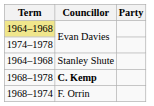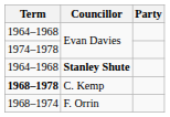 <table class="wikitable">
 <tr>
 <th>Term</th>
 <th>Councillor</th>
 <th colspan=2>Party</th>
 </tr>
 <tr>
-<td style="background: khaki;">1964–1968</td>
+<td>1964–1968</td>
 <td rowspan=2>Evan Davies</td>
 <td></td>
 </tr>
 <tr>
 <td>1974–1978</td>
 <td></td>
 </tr>
 <tr>
 <td>1964–1968</td>
-<td>Stanley Shute</td>
+<td><strong>Stanley Shute</strong></td>
 <td></td>
 </tr>
 <tr>
-<td>1968–1978</td>
-<td><strong>C. Kemp</strong></td>
+<td><strong>1968–1978</strong></td>
+<td>C. Kemp</td>
 <td></td>
 </tr>
 <tr>
 <td>1968–1974</td>
 <td>F. Orrin</td>
 <td></td>
 </tr>
 </table>
